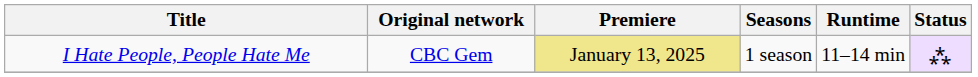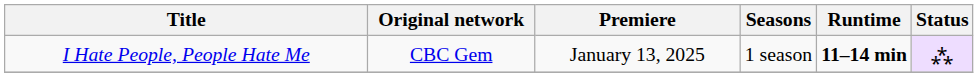 <table class="wikitable plainrowheaders sortable" style="text-align:center;">
 <tr>
 <th style="width: 18em" class="unsortable">Title</th>
 <th style="width: 08em">Original network</th>
 <th style="width: 10em">Premiere</th>
 <th>Seasons</th>
 <th>Runtime</th>
 <th>Status</th>
 </tr>
 <tr>
 <td><em><a href='#'>I Hate People, People Hate Me</a></em></td>
 <td><a href='#'>CBC Gem</a></td>
-<td style="background: khaki;">January 13, 2025</td>
+<td>January 13, 2025</td>
 <td>1 season</td>
-<td>11–14 min</td>
+<td><strong>11–14 min</strong></td>
 <td style="background-color:#EEDDFF">⁂</td>
 </tr>
 <tr>
 </tr>
 </table>
